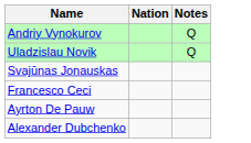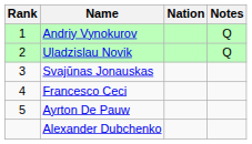 <table class="wikitable sortable" style="text-align:center">
 <tr>
+<th>Rank</th>
 <th>Name</th>
 <th>Nation</th>
 <th>Notes</th>
 </tr>
 <tr bgcolor=bbffbb>
+<td>1</td>
 <td align=left><a href='#'>Andriy Vynokurov</a></td>
 <td align=left></td>
 <td>Q</td>
 </tr>
 <tr bgcolor="bbffbb">
+<td>2</td>
 <td align=left><a href='#'>Uladzislau Novik</a></td>
 <td align=left></td>
 <td>Q</td>
 </tr>
 <tr>
+<td>3</td>
 <td align=left><a href='#'>Svajūnas Jonauskas</a></td>
 <td align=left></td>
 <td></td>
 </tr>
 <tr>
+<td>4</td>
 <td align=left><a href='#'>Francesco Ceci</a></td>
 <td align=left></td>
 <td></td>
 </tr>
 <tr>
+<td>5</td>
 <td align=left><a href='#'>Ayrton De Pauw</a></td>
 <td align=left></td>
 <td></td>
 </tr>
 <tr>
+<td></td>
 <td align=left><a href='#'>Alexander Dubchenko</a></td>
 <td align=left></td>
 <td></td>
 </tr>
 </table>
